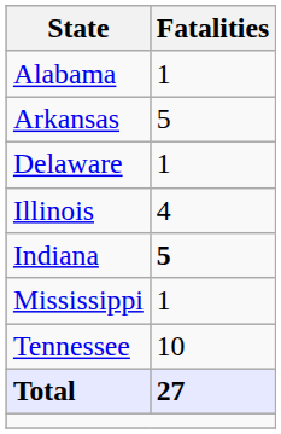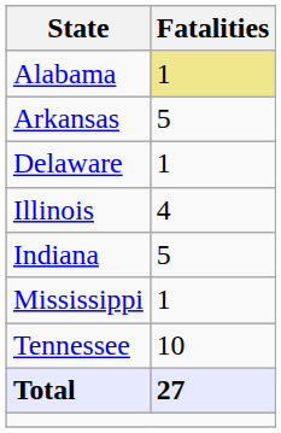 <table class="wikitable" style="margin:0 0 0.5em 1em;float:right;">
 <tr>
 <th scope="col">State</th>
 <th scope="col">Fatalities</th>
 </tr>
 <tr>
 <td><a href='#'>Alabama</a></td>
-<td>1</td>
+<td style="background: khaki;">1</td>
 </tr>
 <tr>
 <td><a href='#'>Arkansas</a></td>
 <td>5</td>
 </tr>
 <tr>
 <td><a href='#'>Delaware</a></td>
 <td>1</td>
 </tr>
 <tr>
 <td><a href='#'>Illinois</a></td>
 <td>4</td>
 </tr>
 <tr>
 <td><a href='#'>Indiana</a></td>
-<td><strong>5</strong></td>
+<td>5</td>
 </tr>
 <tr>
 <td><a href='#'>Mississippi</a></td>
 <td>1</td>
 </tr>
 <tr>
 <td><a href='#'>Tennessee</a></td>
 <td>10</td>
 </tr>
 <tr style="background:#e6e9ff;">
 <td><strong>Total</strong></td>
 <td><strong>27</strong></td>
 </tr>
 <tr>
 <td colspan="2" style="text-align:center;"></td>
 </tr>
 </table>
